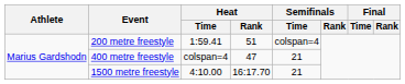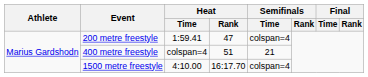 <table class=wikitable style="font-size:90%">
 <tr>
 <th rowspan="2">Athlete</th>
 <th rowspan="2">Event</th>
 <th colspan="2">Heat</th>
 <th colspan="2">Semifinals</th>
 <th colspan="2">Final</th>
 </tr>
 <tr style="font-size:95%">
 <th>Time</th>
 <th>Rank</th>
 <th>Time</th>
 <th>Rank</th>
 <th>Time</th>
 <th>Rank</th>
 </tr>
 <tr align=center>
 <td align=left rowspan=3><a href='#'>Marius Gardshodn</a></td>
 <td align=left><a href='#'>200 metre freestyle</a></td>
 <td>1:59.41</td>
-<td>51</td>
+<td>47</td>
 <td>colspan=4 </td>
 </tr>
 <tr align=center>
 <td align=left><a href='#'>400 metre freestyle</a></td>
 <td>colspan=4 </td>
-<td>47</td>
+<td>51</td>
 <td>21</td>
 </tr>
 <tr align=center>
 <td align=left><a href='#'>1500 metre freestyle</a></td>
 <td>4:10.00</td>
 <td>16:17.70</td>
-<td>21</td>
+<td>colspan=4 </td>
 </tr>
 </table>
